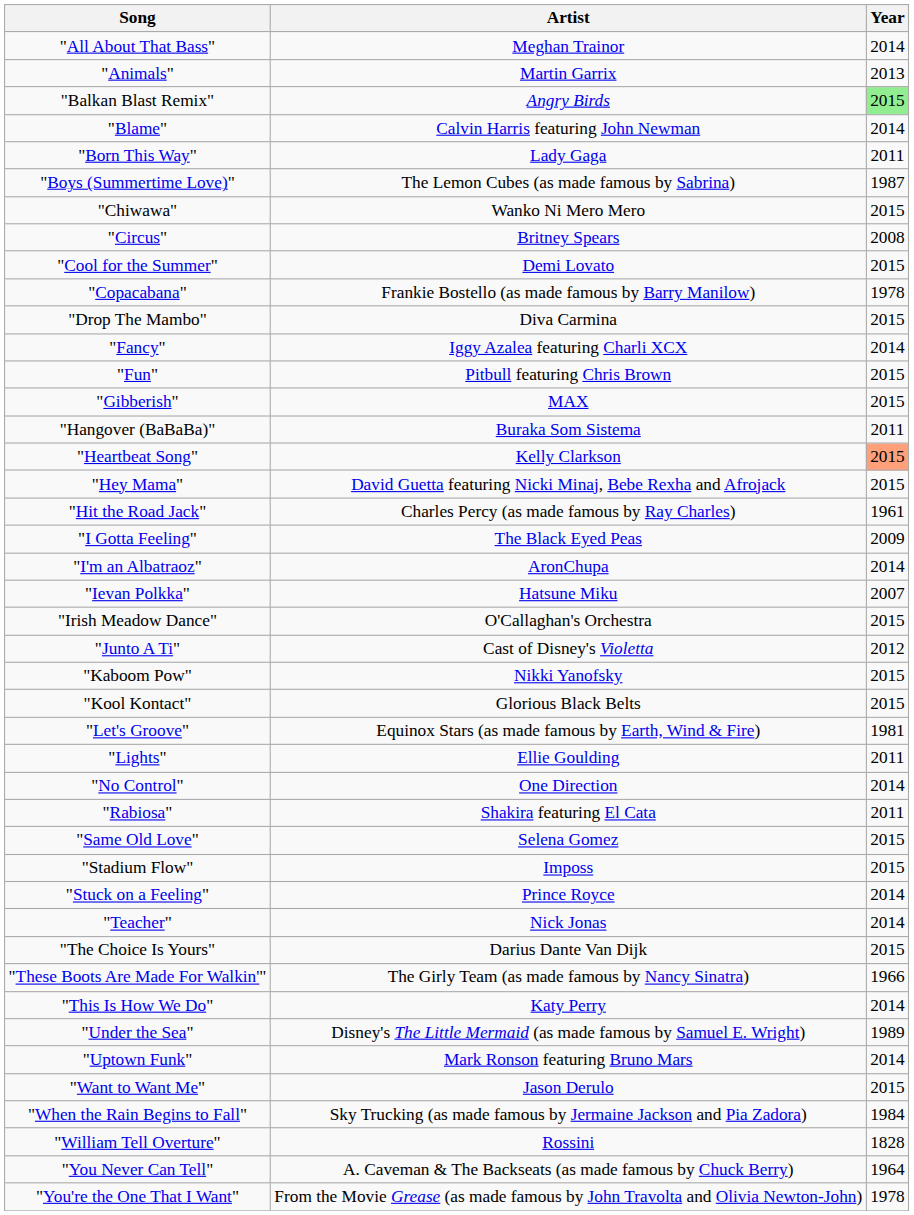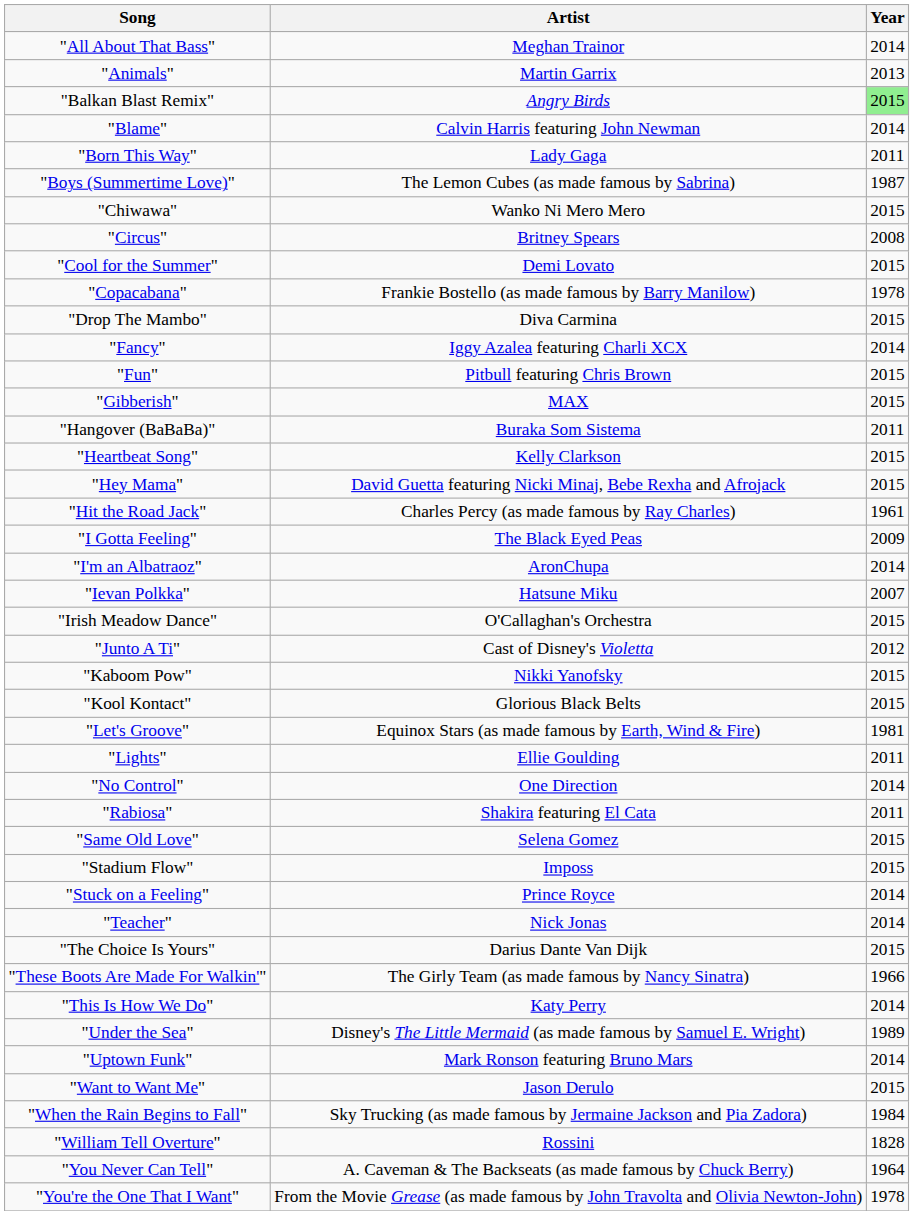 <table class="wikitable sortable" style="text-align:center;">
 <tr>
 <th scope="col">Song</th>
 <th scope="col">Artist</th>
 <th scope="col">Year</th>
 </tr>
 <tr>
 <td>"<a href='#'>All About That Bass</a>"</td>
 <td><a href='#'>Meghan Trainor</a></td>
 <td>2014</td>
 </tr>
 <tr>
 <td>"<a href='#'>Animals</a>"</td>
 <td><a href='#'>Martin Garrix</a></td>
 <td>2013</td>
 </tr>
 <tr>
 <td>"Balkan Blast Remix"</td>
 <td><em><a href='#'>Angry Birds</a></em></td>
 <td style="background: lightgreen;">2015</td>
 </tr>
 <tr>
 <td>"<a href='#'>Blame</a>"</td>
 <td><a href='#'>Calvin Harris</a> featuring <a href='#'>John Newman</a></td>
 <td>2014</td>
 </tr>
 <tr>
 <td>"<a href='#'>Born This Way</a>"</td>
 <td><a href='#'>Lady Gaga</a></td>
 <td>2011</td>
 </tr>
 <tr>
 <td>"<a href='#'>Boys (Summertime Love)</a>"</td>
 <td>The Lemon Cubes (as made famous by <a href='#'>Sabrina</a>)</td>
 <td>1987</td>
 </tr>
 <tr>
 <td>"Chiwawa"</td>
 <td>Wanko Ni Mero Mero</td>
 <td>2015</td>
 </tr>
 <tr>
 <td>"<a href='#'>Circus</a>"</td>
 <td><a href='#'>Britney Spears</a></td>
 <td>2008</td>
 </tr>
 <tr>
 <td>"<a href='#'>Cool for the Summer</a>"</td>
 <td><a href='#'>Demi Lovato</a></td>
 <td>2015</td>
 </tr>
 <tr>
 <td>"<a href='#'>Copacabana</a>"</td>
 <td>Frankie Bostello (as made famous by <a href='#'>Barry Manilow</a>)</td>
 <td>1978</td>
 </tr>
 <tr>
 <td>"Drop The Mambo"</td>
 <td>Diva Carmina</td>
 <td>2015</td>
 </tr>
 <tr>
 <td>"<a href='#'>Fancy</a>"</td>
 <td><a href='#'>Iggy Azalea</a> featuring <a href='#'>Charli XCX</a></td>
 <td>2014</td>
 </tr>
 <tr>
 <td>"<a href='#'>Fun</a>"</td>
 <td><a href='#'>Pitbull</a> featuring <a href='#'>Chris Brown</a></td>
 <td>2015</td>
 </tr>
 <tr>
 <td>"<a href='#'>Gibberish</a>"</td>
 <td><a href='#'>MAX</a></td>
 <td>2015</td>
 </tr>
 <tr>
 <td>"Hangover (BaBaBa)"</td>
 <td><a href='#'>Buraka Som Sistema</a></td>
 <td>2011</td>
 </tr>
 <tr>
 <td>"<a href='#'>Heartbeat Song</a>"</td>
 <td><a href='#'>Kelly Clarkson</a></td>
-<td style="background: lightsalmon;">2015</td>
+<td>2015</td>
 </tr>
 <tr>
 <td>"<a href='#'>Hey Mama</a>"</td>
 <td><a href='#'>David Guetta</a> featuring <a href='#'>Nicki Minaj</a>, <a href='#'>Bebe Rexha</a> and <a href='#'>Afrojack</a></td>
 <td>2015</td>
 </tr>
 <tr>
 <td>"<a href='#'>Hit the Road Jack</a>"</td>
 <td>Charles Percy (as made famous by <a href='#'>Ray Charles</a>)</td>
 <td>1961</td>
 </tr>
 <tr>
 <td>"<a href='#'>I Gotta Feeling</a>"</td>
 <td><a href='#'>The Black Eyed Peas</a></td>
 <td>2009</td>
 </tr>
 <tr>
 <td>"<a href='#'>I'm an Albatraoz</a>"</td>
 <td><a href='#'>AronChupa</a></td>
 <td>2014</td>
 </tr>
 <tr>
 <td>"<a href='#'>Ievan Polkka</a>"</td>
 <td><a href='#'>Hatsune Miku</a></td>
 <td>2007</td>
 </tr>
 <tr>
 <td>"Irish Meadow Dance"</td>
 <td>O'Callaghan's Orchestra</td>
 <td>2015</td>
 </tr>
 <tr>
 <td>"<a href='#'>Junto A Ti</a>"</td>
 <td>Cast of Disney's <em><a href='#'>Violetta</a></em></td>
 <td>2012</td>
 </tr>
 <tr>
 <td>"Kaboom Pow"</td>
 <td><a href='#'>Nikki Yanofsky</a></td>
 <td>2015</td>
 </tr>
 <tr>
 <td>"Kool Kontact"</td>
 <td>Glorious Black Belts</td>
 <td>2015</td>
 </tr>
 <tr>
 <td>"<a href='#'>Let's Groove</a>"</td>
 <td>Equinox Stars (as made famous by <a href='#'>Earth, Wind & Fire</a>)</td>
 <td>1981</td>
 </tr>
 <tr>
 <td>"<a href='#'>Lights</a>"</td>
 <td><a href='#'>Ellie Goulding</a></td>
 <td>2011</td>
 </tr>
 <tr>
 <td>"<a href='#'>No Control</a>"</td>
 <td><a href='#'>One Direction</a></td>
 <td>2014</td>
 </tr>
 <tr>
 <td>"<a href='#'>Rabiosa</a>"</td>
 <td><a href='#'>Shakira</a> featuring <a href='#'>El Cata</a></td>
 <td>2011</td>
 </tr>
 <tr>
 <td>"<a href='#'>Same Old Love</a>"</td>
 <td><a href='#'>Selena Gomez</a></td>
 <td>2015</td>
 </tr>
 <tr>
 <td>"Stadium Flow"</td>
 <td><a href='#'>Imposs</a></td>
 <td>2015</td>
 </tr>
 <tr>
 <td>"<a href='#'>Stuck on a Feeling</a>"</td>
 <td><a href='#'>Prince Royce</a></td>
 <td>2014</td>
 </tr>
 <tr>
 <td>"<a href='#'>Teacher</a>"</td>
 <td><a href='#'>Nick Jonas</a></td>
 <td>2014</td>
 </tr>
 <tr>
 <td>"The Choice Is Yours"</td>
 <td>Darius Dante Van Dijk</td>
 <td>2015</td>
 </tr>
 <tr>
 <td>"<a href='#'>These Boots Are Made For Walkin'</a>"</td>
 <td>The Girly Team (as made famous by <a href='#'>Nancy Sinatra</a>)</td>
 <td>1966</td>
 </tr>
 <tr>
 <td>"<a href='#'>This Is How We Do</a>"</td>
 <td><a href='#'>Katy Perry</a></td>
 <td>2014</td>
 </tr>
 <tr>
 <td>"<a href='#'>Under the Sea</a>"</td>
 <td>Disney's <em><a href='#'>The Little Mermaid</a></em> (as made famous by <a href='#'>Samuel E. Wright</a>)</td>
 <td>1989</td>
 </tr>
 <tr>
 <td>"<a href='#'>Uptown Funk</a>"</td>
 <td><a href='#'>Mark Ronson</a> featuring <a href='#'>Bruno Mars</a></td>
 <td>2014</td>
 </tr>
 <tr>
 <td>"<a href='#'>Want to Want Me</a>"</td>
 <td><a href='#'>Jason Derulo</a></td>
 <td>2015</td>
 </tr>
 <tr>
 <td>"<a href='#'>When the Rain Begins to Fall</a>"</td>
 <td>Sky Trucking (as made famous by <a href='#'>Jermaine Jackson</a> and <a href='#'>Pia Zadora</a>)</td>
 <td>1984</td>
 </tr>
 <tr>
 <td>"<a href='#'>William Tell Overture</a>"</td>
 <td><a href='#'>Rossini</a></td>
 <td>1828</td>
 </tr>
 <tr>
 <td>"<a href='#'>You Never Can Tell</a>"</td>
 <td>A. Caveman & The Backseats (as made famous by <a href='#'>Chuck Berry</a>)</td>
 <td>1964</td>
 </tr>
 <tr>
 <td>"<a href='#'>You're the One That I Want</a>"</td>
 <td>From the Movie <em><a href='#'>Grease</a></em> (as made famous by <a href='#'>John Travolta</a> and <a href='#'>Olivia Newton-John</a>)</td>
 <td>1978</td>
 </tr>
 </table>
